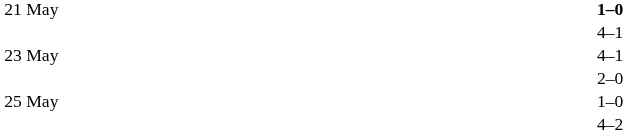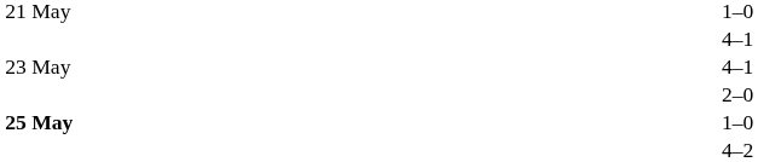 <table cellspacing=1 width=70%>
 <tr>
 <th width=25%></th>
 <th width=30%></th>
 <th width=15%></th>
 <th width=30%></th>
 </tr>
 <tr>
 <td>21 May</td>
 <td align=right></td>
-<td align=center><strong>1–0</strong></td>
+<td align=center>1–0</td>
 <td></td>
 </tr>
 <tr>
 <td></td>
 <td align=right></td>
 <td align=center>4–1</td>
 <td></td>
 </tr>
 <tr>
 <td>23 May</td>
 <td align=right></td>
 <td align=center>4–1</td>
 <td></td>
 </tr>
 <tr>
 <td></td>
 <td align=right></td>
 <td align=center>2–0</td>
 <td></td>
 </tr>
 <tr>
-<td>25 May</td>
+<td><strong>25 May</strong></td>
 <td align=right></td>
 <td align=center>1–0</td>
 <td></td>
 </tr>
 <tr>
 <td></td>
 <td align=right></td>
 <td align=center>4–2</td>
 <td></td>
 </tr>
 </table>
